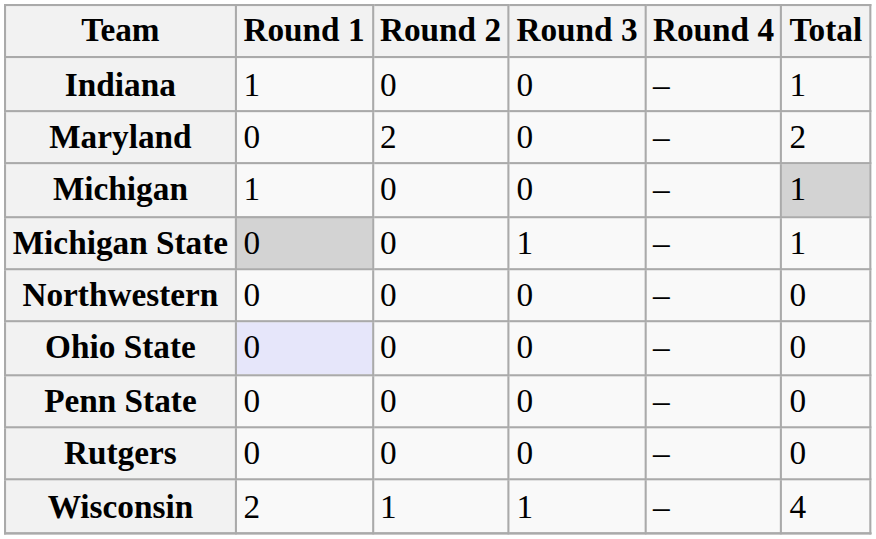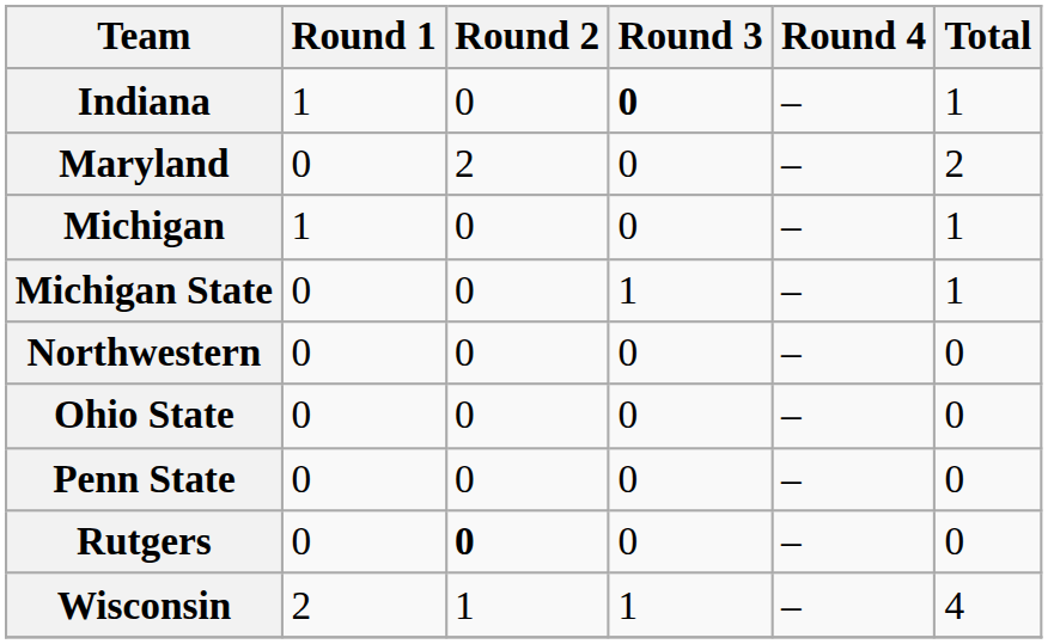 <table class="wikitable sortable">
 <tr>
 <th>Team</th>
 <th>Round 1</th>
 <th>Round 2</th>
 <th>Round 3</th>
 <th>Round 4</th>
 <th>Total</th>
 </tr>
 <tr>
 <th>Indiana</th>
 <td>1</td>
 <td>0</td>
-<td>0</td>
+<td><strong>0</strong></td>
 <td>–</td>
 <td>1</td>
 </tr>
 <tr>
 <th>Maryland</th>
 <td>0</td>
 <td>2</td>
 <td>0</td>
 <td>–</td>
 <td>2</td>
 </tr>
 <tr>
 <th>Michigan</th>
 <td>1</td>
 <td>0</td>
 <td>0</td>
 <td>–</td>
-<td style="background: lightgrey;">1</td>
+<td>1</td>
 </tr>
 <tr>
 <th>Michigan State</th>
-<td style="background: lightgrey;">0</td>
+<td>0</td>
 <td>0</td>
 <td>1</td>
 <td>–</td>
 <td>1</td>
 </tr>
 <tr>
 <th>Northwestern</th>
 <td>0</td>
 <td>0</td>
 <td>0</td>
 <td>–</td>
 <td>0</td>
 </tr>
 <tr>
 <th>Ohio State</th>
-<td style="background: lavender;">0</td>
+<td>0</td>
 <td>0</td>
 <td>0</td>
 <td>–</td>
 <td>0</td>
 </tr>
 <tr>
 <th>Penn State</th>
 <td>0</td>
 <td>0</td>
 <td>0</td>
 <td>–</td>
 <td>0</td>
 </tr>
 <tr>
 <th><strong>Rutgers</strong></th>
 <td>0</td>
-<td>0</td>
+<td><strong>0</strong></td>
 <td>0</td>
 <td>–</td>
 <td>0</td>
 </tr>
 <tr>
 <th>Wisconsin</th>
 <td>2</td>
 <td>1</td>
 <td>1</td>
 <td>–</td>
 <td>4</td>
 </tr>
 <tr>
 </tr>
 </table>
